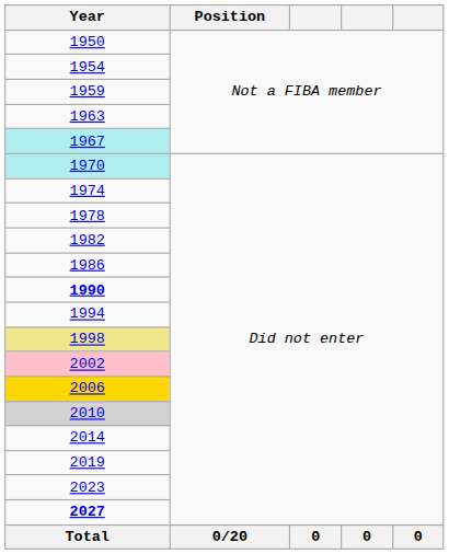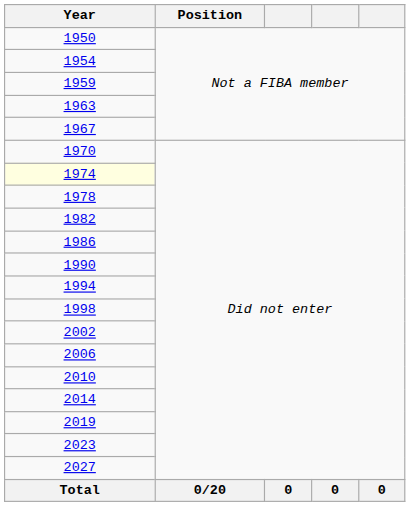 <table class="wikitable" style="text-align: center;font-size:90%;">
 <tr>
 <th width=125>Year</th>
 <th width=90>Position</th>
 <th width=35></th>
 <th width=35></th>
 <th width=35></th>
 </tr>
 <tr>
 <td> <a href='#'>1950</a></td>
 <td colspan="4" rowspan="5"><em>Not a FIBA member</em></td>
 </tr>
 <tr>
 <td> <a href='#'>1954</a></td>
 </tr>
 <tr>
 <td> <a href='#'>1959</a></td>
 </tr>
 <tr>
 <td> <a href='#'>1963</a></td>
 </tr>
 <tr>
-<td style="background: paleturquoise;"> <a href='#'>1967</a></td>
+<td> <a href='#'>1967</a></td>
 </tr>
 <tr>
-<td style="background: paleturquoise;"> <a href='#'>1970</a></td>
+<td> <a href='#'>1970</a></td>
 <td colspan="4" rowspan="15"><em>Did not enter</em></td>
 </tr>
 <tr>
-<td> <a href='#'>1974</a></td>
+<td style="background: lightyellow;"> <a href='#'>1974</a></td>
 </tr>
 <tr>
 <td> <a href='#'>1978</a></td>
 </tr>
 <tr>
 <td> <a href='#'>1982</a></td>
 </tr>
 <tr>
 <td> <a href='#'>1986</a></td>
 </tr>
 <tr>
-<td><strong> <a href='#'>1990</a></strong></td>
+<td> <a href='#'>1990</a></td>
 </tr>
 <tr>
 <td> <a href='#'>1994</a></td>
 </tr>
 <tr>
-<td style="background: khaki;"> <a href='#'>1998</a></td>
+<td> <a href='#'>1998</a></td>
 </tr>
 <tr>
-<td style="background: pink;"> <a href='#'>2002</a></td>
+<td> <a href='#'>2002</a></td>
 </tr>
 <tr>
-<td style="background: gold;"> <a href='#'>2006</a></td>
+<td> <a href='#'>2006</a></td>
 </tr>
 <tr>
-<td style="background: lightgrey;"> <a href='#'>2010</a></td>
+<td> <a href='#'>2010</a></td>
 </tr>
 <tr>
 <td> <a href='#'>2014</a></td>
 </tr>
 <tr>
 <td> <a href='#'>2019</a></td>
 </tr>
 <tr>
 <td>   <a href='#'>2023</a></td>
 </tr>
 <tr>
-<td><strong> <a href='#'>2027</a></strong></td>
+<td> <a href='#'>2027</a></td>
 </tr>
 <tr>
 <th>Total</th>
 <th>0/20</th>
 <th>0</th>
 <th>0</th>
 <th>0</th>
 </tr>
 </table>
